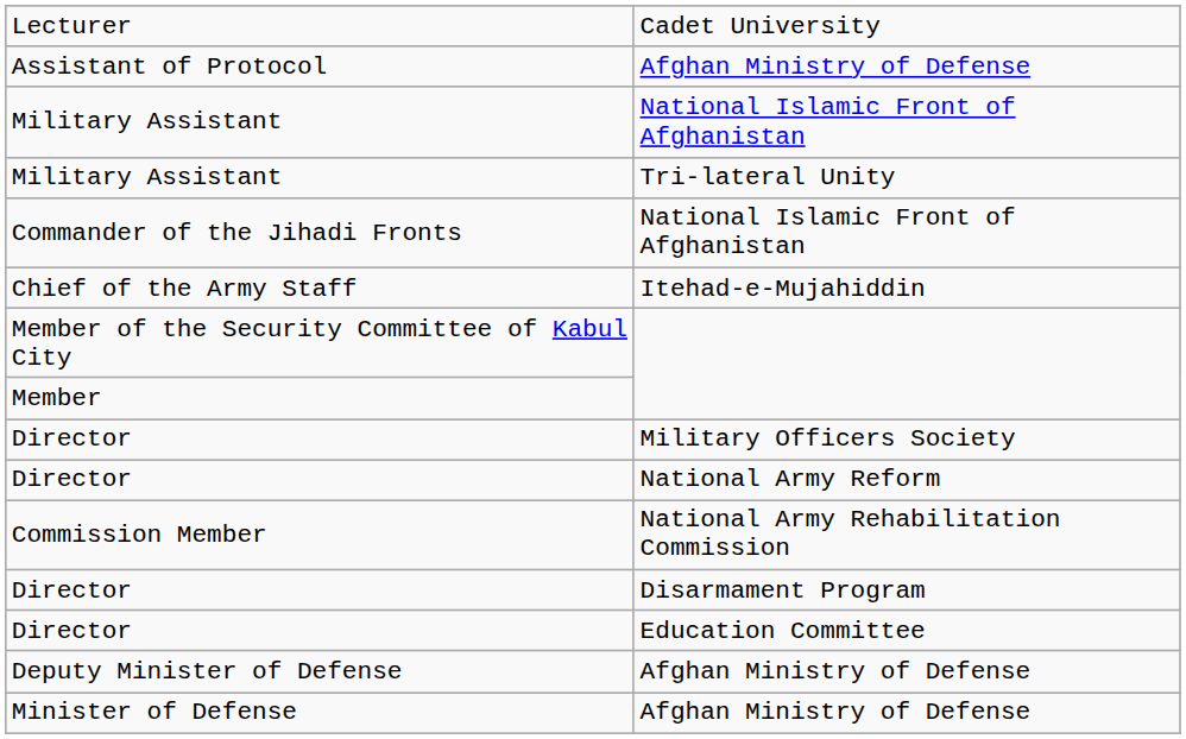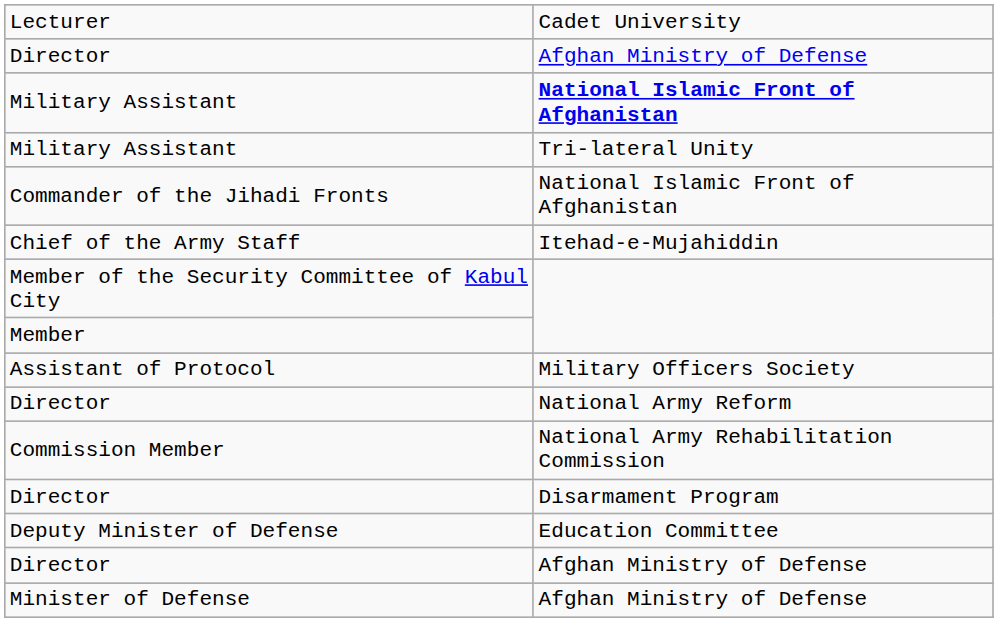 <table class="wikitable">
 <tr>
 <td>Lecturer</td>
 <td>Cadet University</td>
 </tr>
 <tr>
-<td>Assistant of Protocol</td>
+<td>Director</td>
 <td><a href='#'>Afghan Ministry of Defense</a></td>
 </tr>
 <tr>
 <td>Military Assistant</td>
-<td><a href='#'>National Islamic Front of Afghanistan</a></td>
+<td><strong><a href='#'>National Islamic Front of Afghanistan</a></strong></td>
 </tr>
 <tr>
 <td>Military Assistant</td>
 <td>Tri-lateral Unity</td>
 </tr>
 <tr>
 <td>Commander of the Jihadi Fronts</td>
 <td>National Islamic Front of Afghanistan</td>
 </tr>
 <tr>
 <td>Chief of the Army Staff</td>
 <td>Itehad-e-Mujahiddin</td>
 </tr>
 <tr>
 <td>Member of the Security Committee of <a href='#'>Kabul</a> City</td>
 </tr>
 <tr>
 <td>Member</td>
 </tr>
 <tr>
-<td>Director</td>
+<td>Assistant of Protocol</td>
 <td>Military Officers Society</td>
 </tr>
 <tr>
 <td>Director</td>
 <td>National Army Reform</td>
 </tr>
 <tr>
 <td>Commission Member</td>
 <td>National Army Rehabilitation Commission</td>
 </tr>
 <tr>
 <td>Director</td>
 <td>Disarmament Program</td>
 </tr>
 <tr>
-<td>Director</td>
+<td>Deputy Minister of Defense</td>
 <td>Education Committee</td>
 </tr>
 <tr>
-<td>Deputy Minister of Defense</td>
+<td>Director</td>
 <td>Afghan Ministry of Defense</td>
 </tr>
 <tr>
 <td>Minister of Defense</td>
 <td>Afghan Ministry of Defense</td>
 </tr>
 </table>
